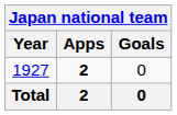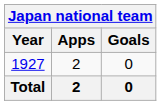 <table class="wikitable" style="text-align:center">
 <tr>
 <th colspan=3><a href='#'>Japan national team</a></th>
 </tr>
 <tr>
 <th>Year</th>
 <th>Apps</th>
 <th>Goals</th>
 </tr>
 <tr>
 <td><a href='#'>1927</a></td>
-<td><strong>2</strong></td>
+<td>2</td>
 <td>0</td>
 </tr>
 <tr>
 <th>Total</th>
 <th>2</th>
 <th>0</th>
 </tr>
 </table>
